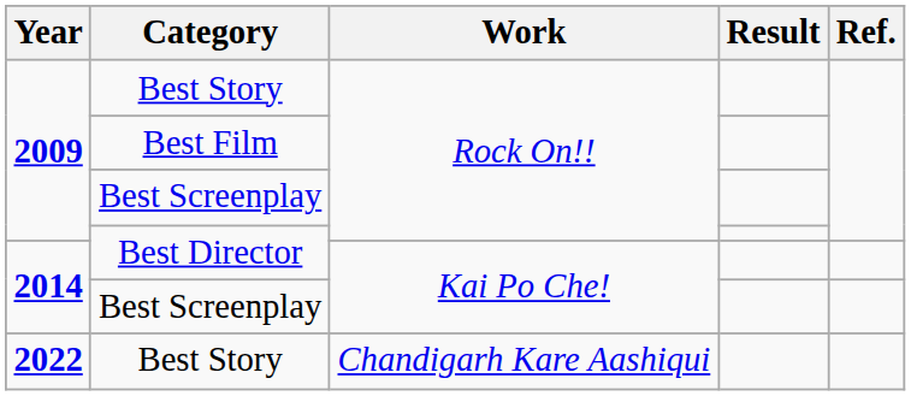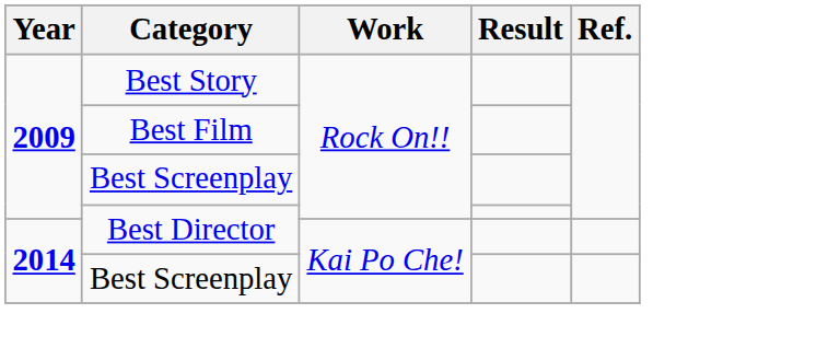 <table class= "wikitable" style="text-align:center;">
 <tr>
 <th>Year</th>
 <th>Category</th>
 <th>Work</th>
 <th>Result</th>
 <th>Ref.</th>
 </tr>
 <tr>
 <td rowspan=4><strong><a href='#'>2009</a></strong></td>
 <td><a href='#'>Best Story</a></td>
 <td rowspan=4><em><a href='#'>Rock On!!</a></em></td>
 <td></td>
 <td rowspan=4></td>
 </tr>
 <tr>
 <td><a href='#'>Best Film</a></td>
 <td></td>
 </tr>
 <tr>
 <td><a href='#'>Best Screenplay</a></td>
 <td></td>
 </tr>
 <tr>
 <td rowspan=2><a href='#'>Best Director</a></td>
 <td></td>
 </tr>
 <tr>
 <td rowspan=2><strong><a href='#'>2014</a></strong></td>
 <td rowspan=2><em><a href='#'>Kai Po Che!</a></em></td>
 <td></td>
 <td></td>
 </tr>
 <tr>
 <td>Best Screenplay</td>
 <td></td>
 <td></td>
 </tr>
-<tr>
-<td><strong><a href='#'>2022</a></strong></td>
-<td>Best Story</td>
-<td><em><a href='#'>Chandigarh Kare Aashiqui</a></em></td>
-<td></td>
-<td></td>
-</tr>
 </table>
